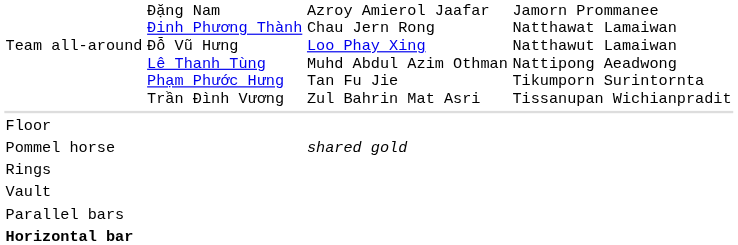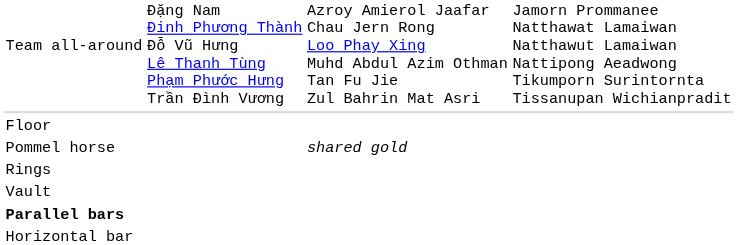 <table>
 <tr>
 <td>Team all-around<br></td>
 <td><br>Đặng Nam<br><a href='#'>Đinh Phương Thành</a><br>Đỗ Vũ Hưng<br><a href='#'>Lê Thanh Tùng</a><br><a href='#'>Phạm Phước Hưng</a><br>Trần Đình Vương</td>
 <td nowrap=true><br>Azroy Amierol Jaafar<br>Chau Jern Rong<br><a href='#'>Loo Phay Xing</a><br>Muhd Abdul Azim Othman<br>Tan Fu Jie<br>Zul Bahrin Mat Asri</td>
 <td nowrap=true><br>Jamorn Prommanee<br>Natthawat Lamaiwan<br>Natthawut Lamaiwan<br>Nattipong Aeadwong<br>Tikumporn Surintornta<br>Tissanupan Wichianpradit</td>
 </tr>
 <tr style="background:#dddddd;">
 <td colspan=7></td>
 </tr>
 <tr>
 <td>Floor<br></td>
 <td></td>
 <td></td>
 <td></td>
 </tr>
 <tr>
 <td rowspan=2>Pommel horse<br></td>
 <td></td>
 <td rowspan=2><em>shared gold</em></td>
 <td rowspan=2></td>
 </tr>
 <tr>
 <td nowrap=true></td>
 </tr>
 <tr>
 <td>Rings<br></td>
 <td></td>
 <td></td>
 <td></td>
 </tr>
 <tr>
 <td>Vault<br></td>
 <td></td>
 <td></td>
 <td></td>
 </tr>
 <tr>
-<td>Parallel bars<br></td>
+<td><strong>Parallel bars<br></strong></td>
 <td></td>
 <td></td>
 <td></td>
 </tr>
 <tr>
-<td><strong>Horizontal bar<br></strong></td>
+<td>Horizontal bar<br></td>
 <td></td>
 <td></td>
 <td></td>
 </tr>
 <tr>
 </tr>
 </table>
